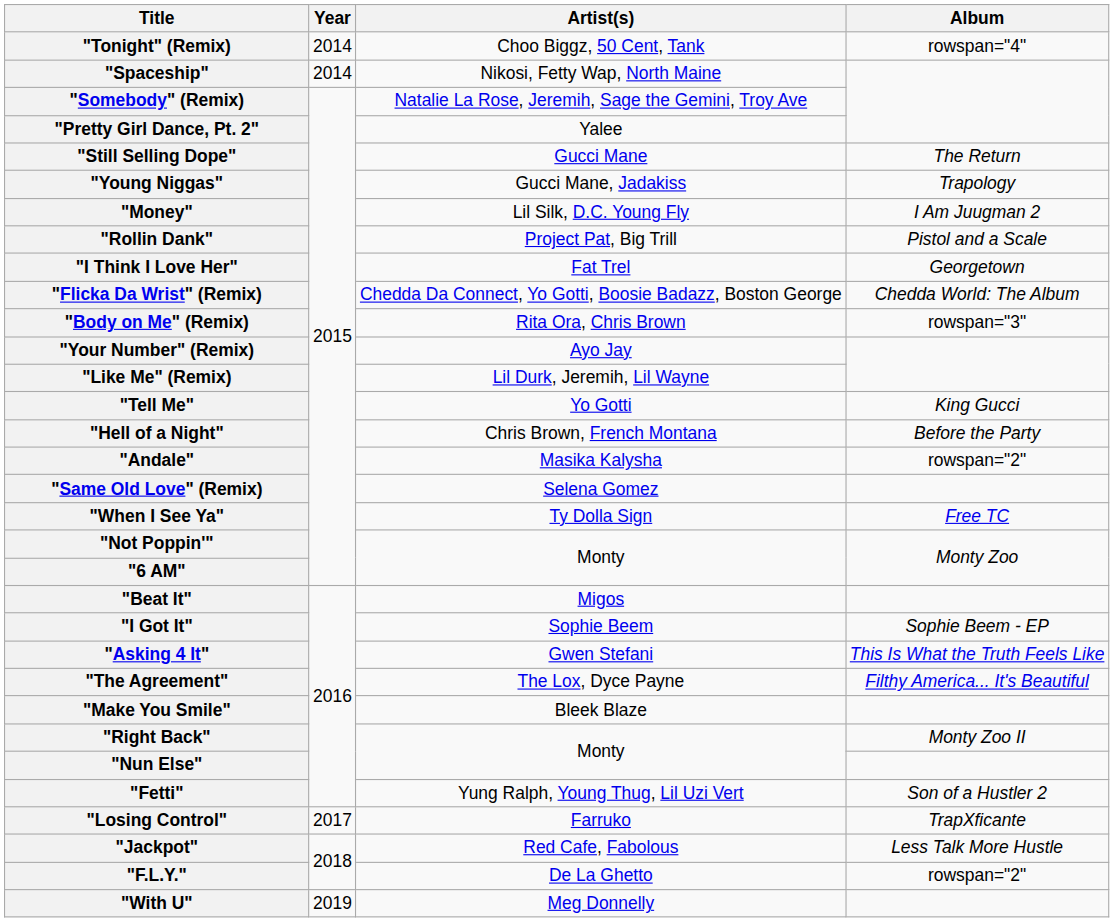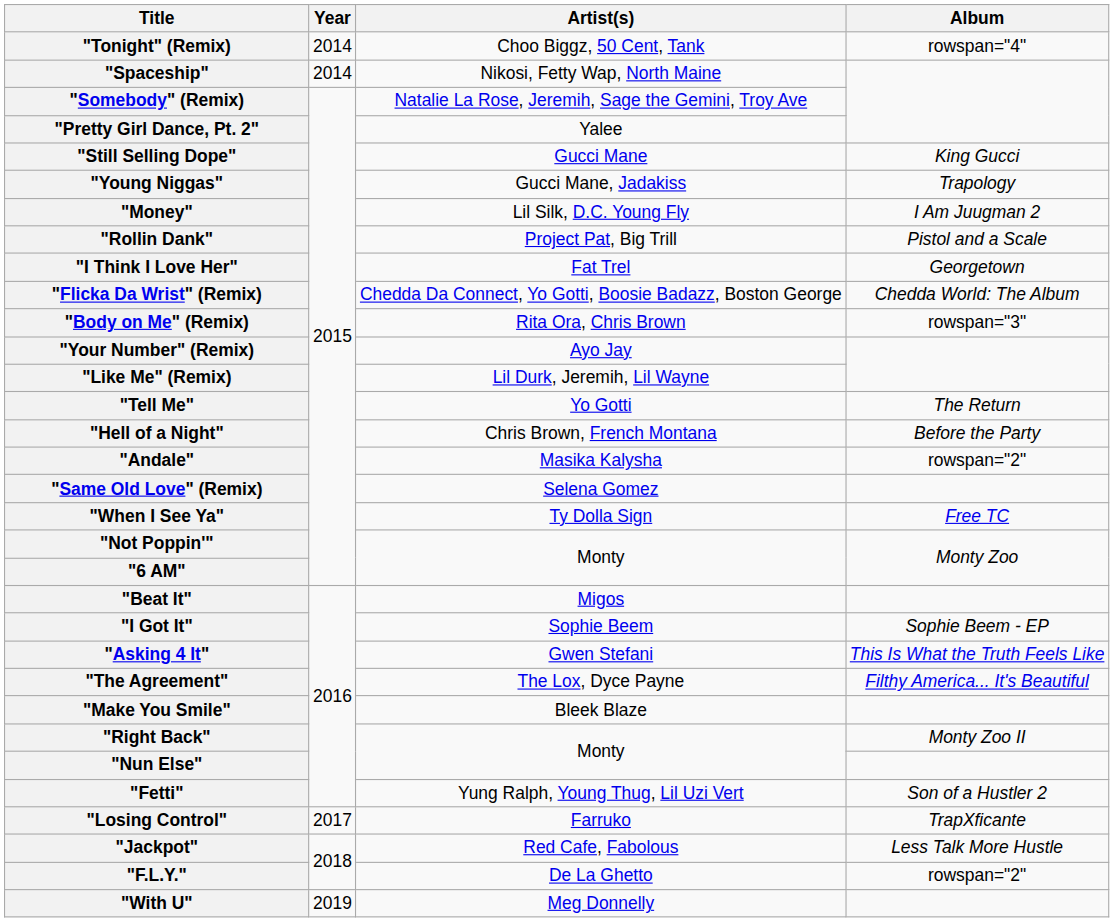 <table class="wikitable plainrowheaders" style="text-align:center;">
 <tr>
 <th scope="col" style="width:17em;">Title</th>
 <th scope="col" style="width:1em;">Year</th>
 <th scope="col">Artist(s)</th>
 <th scope="col">Album</th>
 </tr>
 <tr>
 <th scope="row">"Tonight" (Remix)</th>
 <td>2014</td>
 <td>Choo Biggz, <a href='#'>50 Cent</a>, <a href='#'>Tank</a></td>
 <td>rowspan="4" </td>
 </tr>
 <tr>
 <th scope="row">"Spaceship" </th>
 <td>2014</td>
 <td>Nikosi, Fetty Wap, <a href='#'>North Maine</a></td>
 </tr>
 <tr>
 <th scope="row">"<a href='#'>Somebody</a>" (Remix)</th>
 <td rowspan="18">2015</td>
 <td><a href='#'>Natalie La Rose</a>, <a href='#'>Jeremih</a>, <a href='#'>Sage the Gemini</a>, <a href='#'>Troy Ave</a></td>
 </tr>
 <tr>
 <th scope="row">"Pretty Girl Dance, Pt. 2"</th>
 <td>Yalee</td>
 </tr>
 <tr>
 <th scope="row">"Still Selling Dope"</th>
 <td><a href='#'>Gucci Mane</a></td>
-<td><em>The Return</em></td>
+<td><em>King Gucci</em></td>
 </tr>
 <tr>
 <th scope="row">"Young Niggas"</th>
 <td>Gucci Mane, <a href='#'>Jadakiss</a></td>
 <td><em>Trapology</em></td>
 </tr>
 <tr>
 <th scope="row">"Money"</th>
 <td>Lil Silk, <a href='#'>D.C. Young Fly</a></td>
 <td><em>I Am Juugman 2</em></td>
 </tr>
 <tr>
 <th scope="row">"Rollin Dank"</th>
 <td><a href='#'>Project Pat</a>, Big Trill</td>
 <td><em>Pistol and a Scale</em></td>
 </tr>
 <tr>
 <th scope="row">"I Think I Love Her"</th>
 <td><a href='#'>Fat Trel</a></td>
 <td><em>Georgetown</em></td>
 </tr>
 <tr>
 <th scope="row">"<a href='#'>Flicka Da Wrist</a>" (Remix)</th>
 <td><a href='#'>Chedda Da Connect</a>, <a href='#'>Yo Gotti</a>, <a href='#'>Boosie Badazz</a>, Boston George</td>
 <td><em>Chedda World: The Album</em></td>
 </tr>
 <tr>
 <th scope="row">"<a href='#'>Body on Me</a>" (Remix)</th>
 <td><a href='#'>Rita Ora</a>, <a href='#'>Chris Brown</a></td>
 <td>rowspan="3" </td>
 </tr>
 <tr>
 <th scope="row">"Your Number" (Remix)</th>
 <td><a href='#'>Ayo Jay</a></td>
 </tr>
 <tr>
 <th scope="row">"Like Me" (Remix)</th>
 <td><a href='#'>Lil Durk</a>, Jeremih, <a href='#'>Lil Wayne</a></td>
 </tr>
 <tr>
 <th scope="row">"Tell Me"</th>
 <td><a href='#'>Yo Gotti</a></td>
-<td><em>King Gucci</em></td>
+<td><em>The Return</em></td>
 </tr>
 <tr>
 <th scope="row">"Hell of a Night"</th>
 <td>Chris Brown, <a href='#'>French Montana</a></td>
 <td><em>Before the Party</em></td>
 </tr>
 <tr>
 <th scope="row">"Andale"</th>
 <td><a href='#'>Masika Kalysha</a></td>
 <td>rowspan="2" </td>
 </tr>
 <tr>
 <th scope="row">"<a href='#'>Same Old Love</a>" (Remix)</th>
 <td><a href='#'>Selena Gomez</a></td>
 </tr>
 <tr>
 <th scope="row">"When I See Ya"</th>
 <td><a href='#'>Ty Dolla Sign</a></td>
 <td><em><a href='#'>Free TC</a></em></td>
 </tr>
 <tr>
 <th scope="row">"Not Poppin'"</th>
 <td rowspan="2">Monty</td>
 <td rowspan="2"><em>Monty Zoo</em></td>
 </tr>
 <tr>
 <th scope="row">"6 AM"</th>
 </tr>
 <tr>
 <th scope="row">"Beat It"</th>
 <td rowspan="8">2016</td>
 <td><a href='#'>Migos</a></td>
 <td></td>
 </tr>
 <tr>
 <th scope="row">"I Got It"</th>
 <td><a href='#'>Sophie Beem</a></td>
 <td><em>Sophie Beem - EP</em></td>
 </tr>
 <tr>
 <th scope="row">"<a href='#'>Asking 4 It</a>"</th>
 <td><a href='#'>Gwen Stefani</a></td>
 <td><em><a href='#'>This Is What the Truth Feels Like</a></em></td>
 </tr>
 <tr>
 <th scope="row">"The Agreement"</th>
 <td><a href='#'>The Lox</a>, Dyce Payne</td>
 <td><em><a href='#'>Filthy America... It's Beautiful</a></em></td>
 </tr>
 <tr>
 <th scope="row">"Make You Smile"</th>
 <td>Bleek Blaze</td>
 <td></td>
 </tr>
 <tr>
 <th scope="row">"Right Back"</th>
 <td rowspan="2">Monty</td>
 <td><em>Monty Zoo II</em></td>
 </tr>
 <tr>
 <th scope="row">"Nun Else"</th>
 <td></td>
 </tr>
 <tr>
 <th scope="row">"Fetti"</th>
 <td>Yung Ralph, <a href='#'>Young Thug</a>, <a href='#'>Lil Uzi Vert</a></td>
 <td><em>Son of a Hustler 2</em></td>
 </tr>
 <tr>
 <th scope="row">"Losing Control"</th>
 <td>2017</td>
 <td><a href='#'>Farruko</a></td>
 <td><em>TrapXficante</em></td>
 </tr>
 <tr>
 <th scope="row">"Jackpot"</th>
 <td rowspan="2">2018</td>
 <td><a href='#'>Red Cafe</a>, <a href='#'>Fabolous</a></td>
 <td><em>Less Talk More Hustle</em></td>
 </tr>
 <tr>
 <th scope="row">"F.L.Y."</th>
 <td><a href='#'>De La Ghetto</a></td>
 <td>rowspan="2" </td>
 </tr>
 <tr>
 <th scope="row">"With U"</th>
 <td>2019</td>
 <td><a href='#'>Meg Donnelly</a></td>
 </tr>
 </table>
